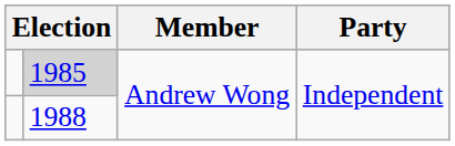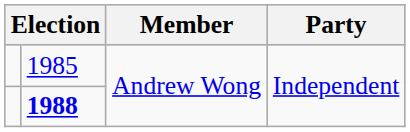 <table class="wikitable">
 <tr>
 <th colspan="2">Election</th>
 <th>Member</th>
 <th>Party</th>
 </tr>
 <tr>
 <td bgcolor=></td>
-<td style="background: lightgrey;"><a href='#'>1985</a></td>
+<td><a href='#'>1985</a></td>
 <td rowspan="2"><a href='#'>Andrew Wong</a></td>
 <td rowspan="2"><a href='#'>Independent</a></td>
 </tr>
 <tr>
 <td bgcolor=></td>
-<td><a href='#'>1988</a></td>
+<td><strong><a href='#'>1988</a></strong></td>
 </tr>
 </table>
